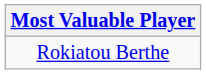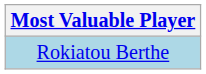 <table class=wikitable style="text-align:center; margin:auto">
 <tr>
 <th><a href='#'>Most Valuable Player</a></th>
 </tr>
 <tr>
-<td> <a href='#'>Rokiatou Berthe</a></td>
+<td style="background: lightblue;"> <a href='#'>Rokiatou Berthe</a></td>
 </tr>
 </table>
